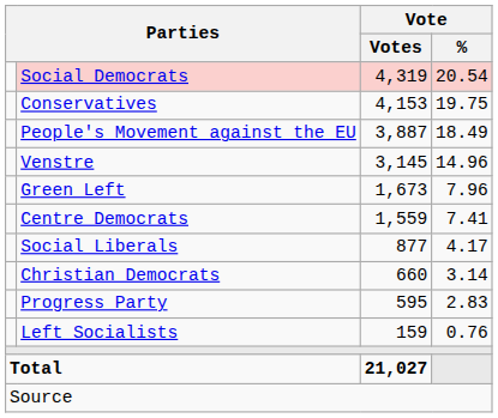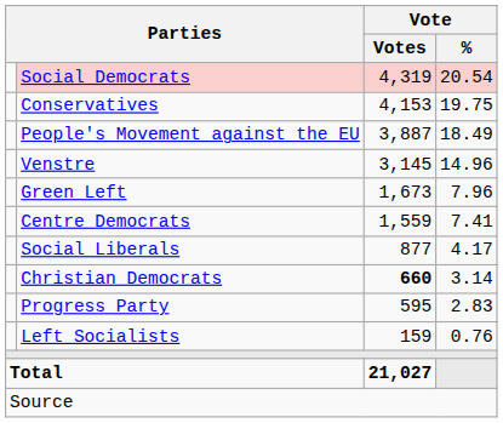 <table class="wikitable" style="text-align:right;">
 <tr>
 <th style="text-align:centre;" rowspan="2" colspan="2" width="225">Parties</th>
 <th colspan="3">Vote</th>
 </tr>
 <tr>
 <th width="15">Votes</th>
 <th width="15">%</th>
 </tr>
 <tr>
 <td width="2" style="color:inherit;background:"></td>
 <td bgcolor=#fbd0ce   align="left"><a href='#'>Social Democrats</a></td>
 <td bgcolor=#fbd0ce>4,319</td>
 <td bgcolor=#fbd0ce>20.54</td>
 </tr>
 <tr>
 <td width="2" style="color:inherit;background:"></td>
 <td align="left"><a href='#'>Conservatives</a></td>
 <td>4,153</td>
 <td>19.75</td>
 </tr>
 <tr>
 <td width="2" style="color:inherit;background:"></td>
 <td align="left"><a href='#'>People's Movement against the EU</a></td>
 <td>3,887</td>
 <td>18.49</td>
 </tr>
 <tr>
 <td width="2" style="color:inherit;background:"></td>
 <td align="left"><a href='#'>Venstre</a></td>
 <td>3,145</td>
 <td>14.96</td>
 </tr>
 <tr>
 <td width="2" style="color:inherit;background:"></td>
 <td align="left"><a href='#'>Green Left</a></td>
 <td>1,673</td>
 <td>7.96</td>
 </tr>
 <tr>
 <td width="2" style="color:inherit;background:"></td>
 <td align="left"><a href='#'>Centre Democrats</a></td>
 <td>1,559</td>
 <td>7.41</td>
 </tr>
 <tr>
 <td width="2" style="color:inherit;background:"></td>
 <td align="left"><a href='#'>Social Liberals</a></td>
 <td>877</td>
 <td>4.17</td>
 </tr>
 <tr>
 <td width="2" style="color:inherit;background:"></td>
 <td align="left"><a href='#'>Christian Democrats</a></td>
-<td>660</td>
+<td><strong>660</strong></td>
 <td>3.14</td>
 </tr>
 <tr>
 <td width="2" style="color:inherit;background:"></td>
 <td align="left"><a href='#'>Progress Party</a></td>
 <td>595</td>
 <td>2.83</td>
 </tr>
 <tr>
 <td width="2" style="color:inherit;background:"></td>
 <td align="left"><a href='#'>Left Socialists</a></td>
 <td>159</td>
 <td>0.76</td>
 </tr>
 <tr>
 <td colspan="7" bgcolor="#E9E9E9"></td>
 </tr>
 <tr>
 <td align="left" colspan="2"><strong>Total</strong></td>
 <td><strong>21,027</strong></td>
 <td bgcolor="#E9E9E9" colspan="2"></td>
 </tr>
 <tr>
 <td align="left" colspan="6">Source</td>
 </tr>
 </table>
